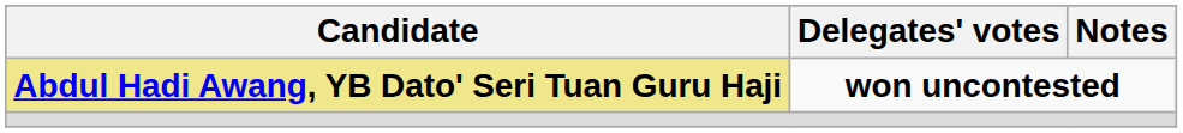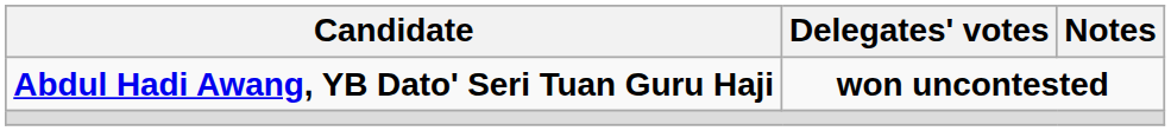 <table class="wikitable" style="text-align:center">
 <tr>
 <th>Candidate</th>
 <th>Delegates' votes</th>
 <th>Notes</th>
 </tr>
 <tr>
-<td align="left" style="background: khaki;"><strong><a href='#'>Abdul Hadi Awang</a>, YB Dato' Seri Tuan Guru Haji</strong></td>
+<td align="left"><strong><a href='#'>Abdul Hadi Awang</a>, YB Dato' Seri Tuan Guru Haji</strong></td>
 <td colspan="2"><strong>won uncontested</strong></td>
 </tr>
 <tr>
 <td colspan="3" bgcolor="dcdcdc"></td>
 </tr>
 </table>
